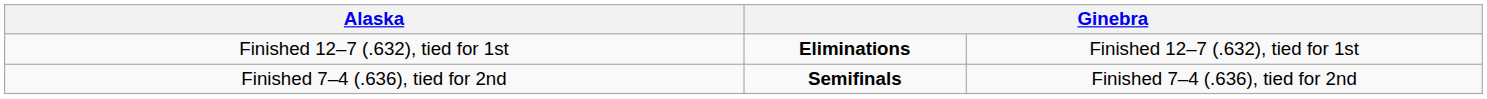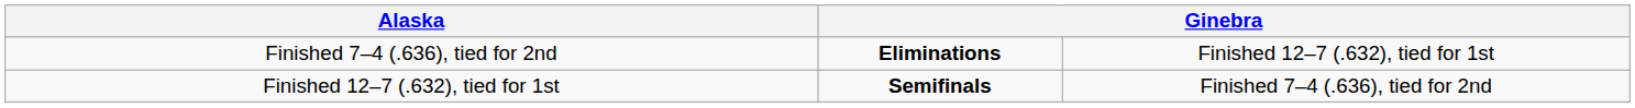 <table class="wikitable" style="width:100%;">
 <tr align=center>
 <th colspan="2" style="width:45%;"><a href='#'>Alaska</a></th>
 <th colspan="2" style="width:45%;"><a href='#'>Ginebra</a></th>
 </tr>
 <tr align=center>
-<td>Finished 12–7 (.632), tied for 1st</td>
+<td>Finished 7–4 (.636), tied for 2nd</td>
 <td colspan=2><strong>Eliminations</strong></td>
 <td>Finished 12–7 (.632), tied for 1st</td>
 </tr>
 <tr align=center>
-<td>Finished 7–4 (.636), tied for 2nd</td>
+<td>Finished 12–7 (.632), tied for 1st</td>
 <td colspan=2><strong>Semifinals</strong></td>
 <td>Finished 7–4 (.636), tied for 2nd</td>
 </tr>
 </table>
